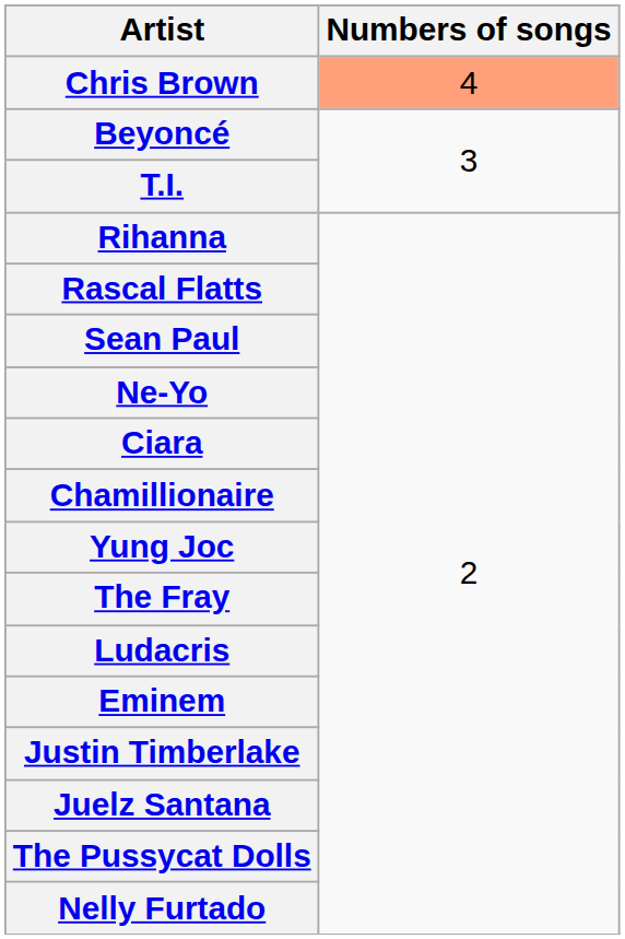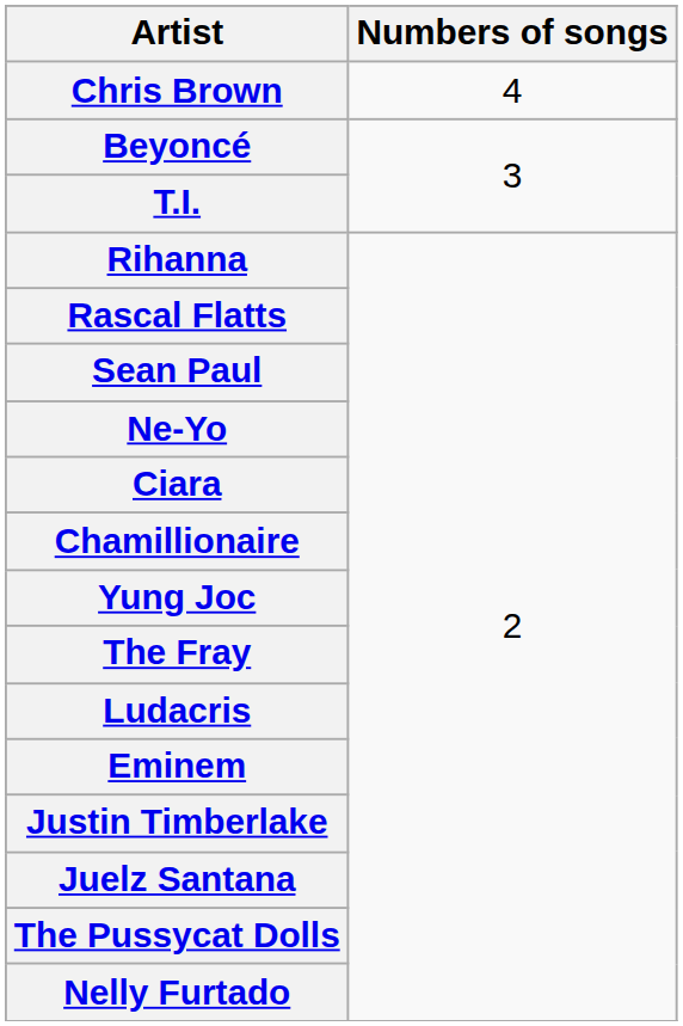 <table class="wikitable sortable plainrowheaders" style="text-align:center;">
 <tr>
 <th scope="col">Artist</th>
 <th scope="col">Numbers of songs</th>
 </tr>
 <tr>
 <th scope="row"><a href='#'>Chris Brown</a></th>
-<td style="background: lightsalmon;">4</td>
+<td>4</td>
 </tr>
 <tr>
 <th scope="row"><a href='#'>Beyoncé</a></th>
 <td rowspan="2">3</td>
 </tr>
 <tr>
 <th scope="row"><a href='#'>T.I.</a></th>
 </tr>
 <tr>
 <th scope="row"><a href='#'>Rihanna</a></th>
 <td rowspan="14">2</td>
 </tr>
 <tr>
 <th scope="row"><a href='#'>Rascal Flatts</a></th>
 </tr>
 <tr>
 <th scope="row"><a href='#'>Sean Paul</a></th>
 </tr>
 <tr>
 <th scope="row"><a href='#'>Ne-Yo</a></th>
 </tr>
 <tr>
 <th scope="row"><a href='#'>Ciara</a></th>
 </tr>
 <tr>
 <th scope="row"><a href='#'>Chamillionaire</a></th>
 </tr>
 <tr>
 <th scope="row"><a href='#'>Yung Joc</a></th>
 </tr>
 <tr>
 <th scope="row"><a href='#'>The Fray</a></th>
 </tr>
 <tr>
 <th scope="row"><a href='#'>Ludacris</a></th>
 </tr>
 <tr>
 <th scope="row"><a href='#'>Eminem</a></th>
 </tr>
 <tr>
 <th scope="row"><a href='#'>Justin Timberlake</a></th>
 </tr>
 <tr>
 <th scope="row"><a href='#'>Juelz Santana</a></th>
 </tr>
 <tr>
 <th scope="row"><a href='#'>The Pussycat Dolls</a></th>
 </tr>
 <tr>
 <th scope="row"><a href='#'>Nelly Furtado</a></th>
 </tr>
 <tr>
 </tr>
 </table>
